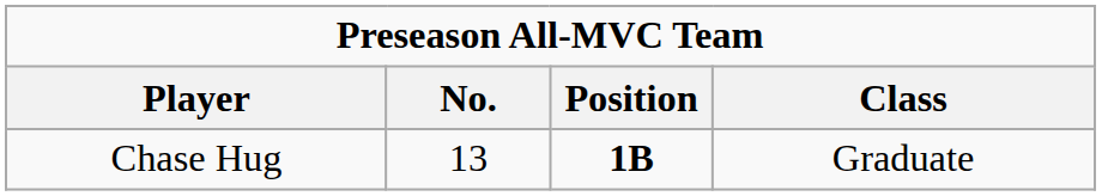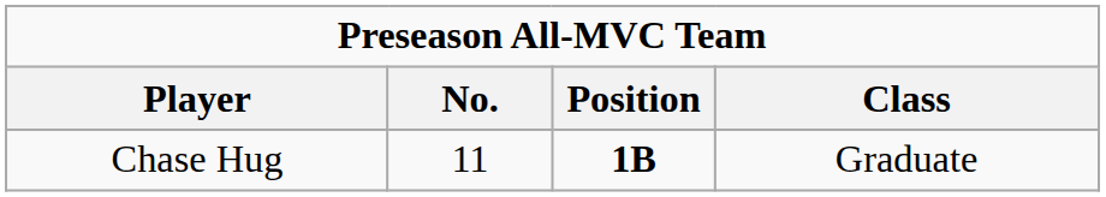 <table class="wikitable" style="text-align:center">
 <tr>
 <td colspan="4"><strong>Preseason All-MVC Team</strong></td>
 </tr>
 <tr>
 <th style="width:150px; ">Player</th>
 <th style="width:60px; ">No.</th>
 <th style="width:60px; ">Position</th>
 <th style="width:150px; ">Class</th>
 </tr>
 <tr>
 <td>Chase Hug</td>
-<td>13</td>
+<td>11</td>
 <td><strong>1B</strong></td>
 <td>Graduate</td>
 </tr>
 </table>
